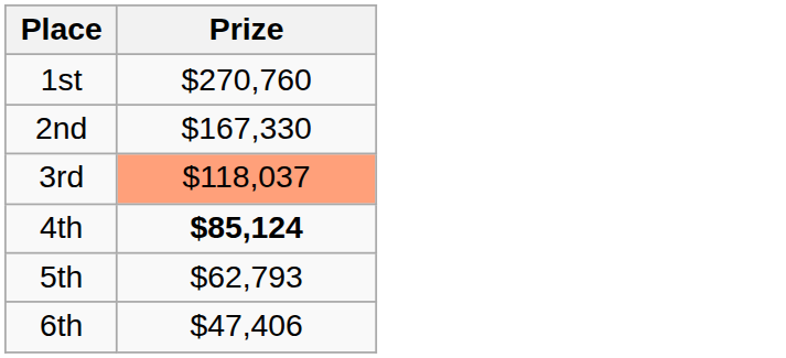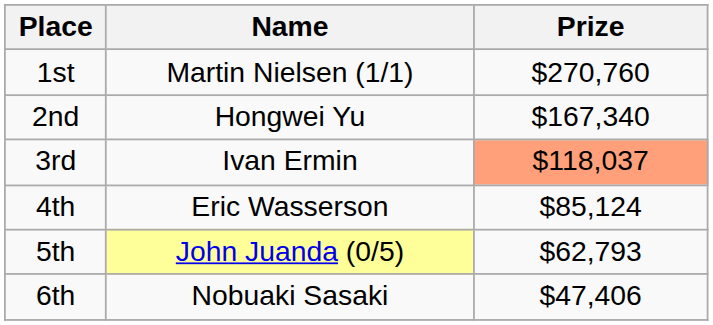 <table class="wikitable">
 <tr>
 <th width="50">Place</th>
+<th width="200">Name</th>
 <th width="125">Prize</th>
 </tr>
 <tr>
 <td align = "center">1st</td>
+<td align = "center"> Martin Nielsen (1/1)</td>
 <td align = "center">$270,760</td>
 </tr>
 <tr>
 <td align = "center">2nd</td>
-<td align = "center">$167,330</td>
+<td align = "center"> Hongwei Yu</td>
+<td align = "center">$167,340</td>
 </tr>
 <tr>
 <td align = "center">3rd</td>
+<td align = "center"> Ivan Ermin</td>
 <td align = "center" style="background: lightsalmon;">$118,037</td>
 </tr>
 <tr>
 <td align = "center">4th</td>
-<td align = "center"><strong>$85,124</strong></td>
+<td align = "center"> Eric Wasserson</td>
+<td align = "center">$85,124</td>
 </tr>
 <tr>
 <td align = "center">5th</td>
+<td align="center" style="background-color:#FFFF99;"> <a href='#'>John Juanda</a> (0/5)</td>
 <td align = "center">$62,793</td>
 </tr>
 <tr>
 <td align = "center">6th</td>
+<td align = "center"> Nobuaki Sasaki</td>
 <td align = "center">$47,406</td>
 </tr>
 </table>
